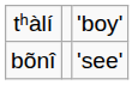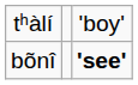 <table class="wikitable">
 <tr align=center>
 <td>tʰàlí</td>
 <td></td>
 <td>'boy'</td>
 </tr>
 <tr align=center>
 <td>bõnî</td>
 <td></td>
-<td>'see'</td>
+<td><strong>'see'</strong></td>
 </tr>
 </table>
